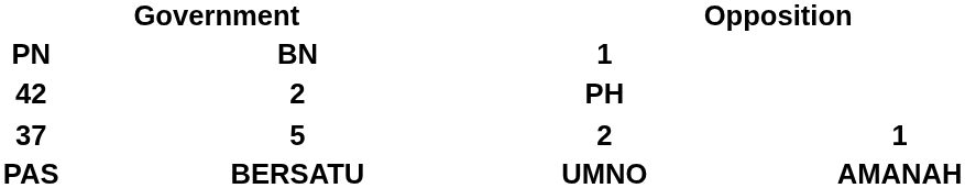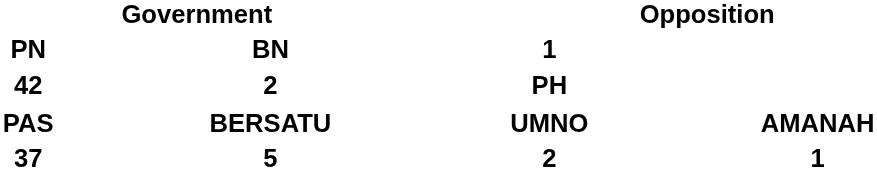 <table style="width:40em;">
 <tr style="text-align:center;">
 <td colspan="2" style="color:"><strong>Government</strong></td>
 <td colspan="2" style="color:"><strong>Opposition</strong></td>
 </tr>
 <tr style="text-align:center;">
 <td style="color:"><strong>PN</strong></td>
 <td style="color:"><strong>BN</strong></td>
 <td style="background:"><strong>1</strong></td>
 </tr>
 <tr style="text-align:center;">
 <td style="background:"><strong>42</strong></td>
 <td style="background:"><strong>2</strong></td>
 <td style="color:"><strong>PH</strong></td>
 </tr>
 <tr>
 </tr>
 <tr style="text-align:center;">
+<td style="color:"><strong>PAS</strong></td>
+<td style="color:"><strong>BERSATU</strong></td>
+<td style="color:"><strong>UMNO</strong></td>
+<td style="color:"><strong>AMANAH</strong></td>
+</tr>
+<tr style="text-align:center;">
 <td style="background:"><strong>37</strong></td>
 <td style="background:"><strong>5</strong></td>
 <td style="background:"><strong>2</strong></td>
 <td style="background:"><strong>1</strong></td>
 </tr>
-<tr style="text-align:center;">
-<td style="color:"><strong>PAS</strong></td>
-<td style="color:"><strong>BERSATU</strong></td>
-<td style="color:"><strong>UMNO</strong></td>
-<td style="color:"><strong>AMANAH</strong></td>
-</tr>
 </table>
